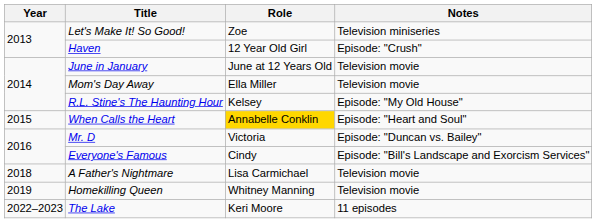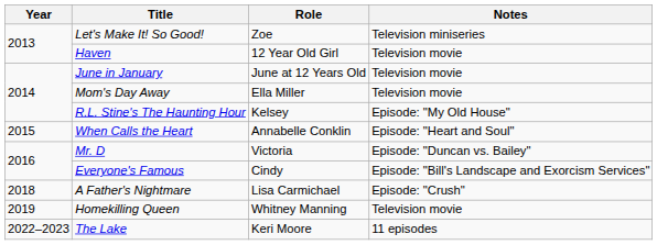 <table class="wikitable">
 <tr>
 <th>Year</th>
 <th>Title</th>
 <th>Role</th>
 <th>Notes</th>
 </tr>
 <tr>
 <td rowspan=2>2013</td>
 <td><em>Let's Make It! So Good!</em></td>
 <td>Zoe</td>
 <td>Television miniseries</td>
 </tr>
 <tr>
 <td><em><a href='#'>Haven</a></em></td>
 <td>12 Year Old Girl</td>
-<td>Episode: "Crush"</td>
+<td>Television movie</td>
 </tr>
 <tr>
 <td rowspan=3>2014</td>
 <td><em><a href='#'>June in January</a></em></td>
 <td>June at 12 Years Old</td>
 <td>Television movie</td>
 </tr>
 <tr>
 <td><em>Mom's Day Away</em></td>
 <td>Ella Miller</td>
 <td>Television movie</td>
 </tr>
 <tr>
 <td><em><a href='#'>R.L. Stine's The Haunting Hour</a></em></td>
 <td>Kelsey</td>
 <td>Episode: "My Old House"</td>
 </tr>
 <tr>
 <td>2015</td>
 <td><em><a href='#'>When Calls the Heart</a></em></td>
-<td style="background: gold;">Annabelle Conklin</td>
+<td>Annabelle Conklin</td>
 <td>Episode: "Heart and Soul"</td>
 </tr>
 <tr>
 <td rowspan=2>2016</td>
 <td><em><a href='#'>Mr. D</a></em></td>
 <td>Victoria</td>
 <td>Episode: "Duncan vs. Bailey"</td>
 </tr>
 <tr>
 <td><em><a href='#'>Everyone's Famous</a></em></td>
 <td>Cindy</td>
 <td>Episode: "Bill's Landscape and Exorcism Services"</td>
 </tr>
 <tr>
 <td>2018</td>
 <td><em>A Father's Nightmare</em></td>
 <td>Lisa Carmichael</td>
-<td>Television movie</td>
+<td>Episode: "Crush"</td>
 </tr>
 <tr>
 <td>2019</td>
 <td><em>Homekilling Queen</em></td>
 <td>Whitney Manning</td>
 <td>Television movie</td>
 </tr>
 <tr>
 <td>2022–2023</td>
 <td><em><a href='#'>The Lake</a></em></td>
 <td>Keri Moore</td>
 <td>11 episodes</td>
 </tr>
 </table>
